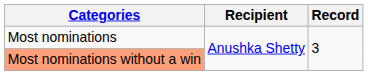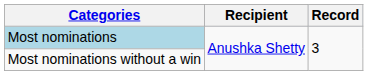 <table class="wikitable sortable">
 <tr style="background:#d1e4fd;">
 <th><strong><a href='#'>Categories</a></strong></th>
 <th>Recipient</th>
 <th>Record</th>
 </tr>
 <tr>
-<td>Most nominations</td>
+<td style="background: lightblue;">Most nominations</td>
 <td rowspan="2"><a href='#'>Anushka Shetty</a></td>
 <td rowspan="2">3</td>
 </tr>
 <tr>
-<td style="background: lightsalmon;">Most nominations without a win</td>
+<td>Most nominations without a win</td>
 </tr>
 </table>
